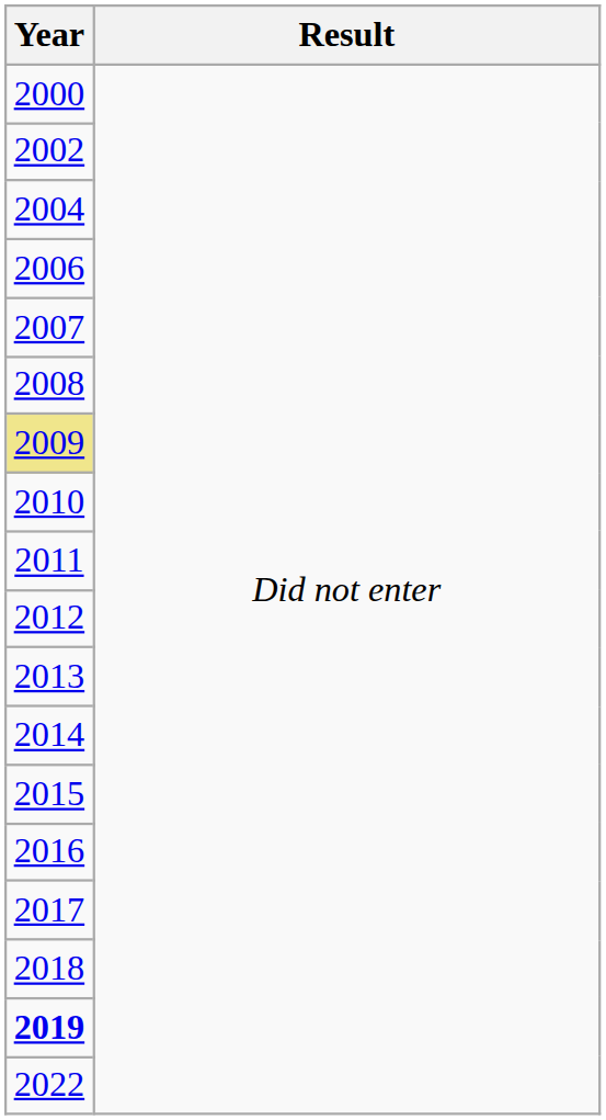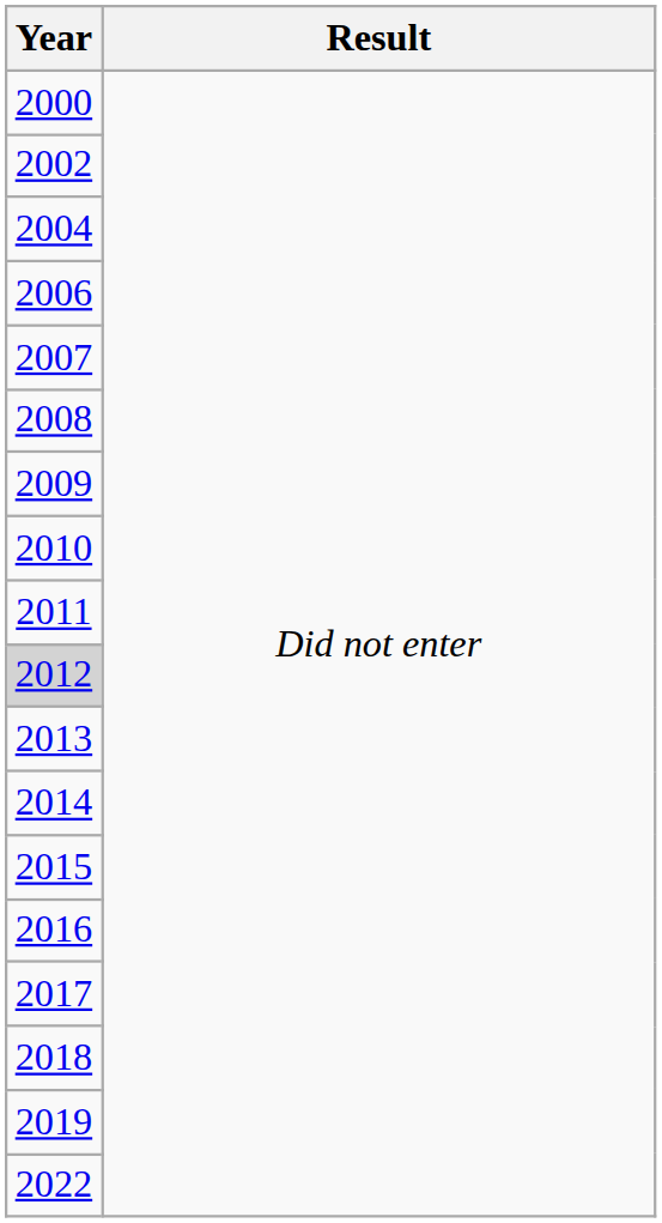 <table class="wikitable" style="text-align: center; font-size:90%">
 <tr>
 <th>Year</th>
 <th style="width:200px">Result</th>
 </tr>
 <tr>
 <td> <a href='#'>2000</a></td>
 <td rowspan="18"><em>Did not enter</em></td>
 </tr>
 <tr>
 <td> <a href='#'>2002</a></td>
 </tr>
 <tr>
 <td> <a href='#'>2004</a></td>
 </tr>
 <tr>
 <td> <a href='#'>2006</a></td>
 </tr>
 <tr>
 <td> <a href='#'>2007</a></td>
 </tr>
 <tr>
 <td> <a href='#'>2008</a></td>
 </tr>
 <tr>
-<td style="background: khaki;"> <a href='#'>2009</a></td>
+<td> <a href='#'>2009</a></td>
 </tr>
 <tr>
 <td> <a href='#'>2010</a></td>
 </tr>
 <tr>
 <td> <a href='#'>2011</a></td>
 </tr>
 <tr>
-<td> <a href='#'>2012</a></td>
+<td style="background: lightgrey;"> <a href='#'>2012</a></td>
 </tr>
 <tr>
 <td> <a href='#'>2013</a></td>
 </tr>
 <tr>
 <td> <a href='#'>2014</a></td>
 </tr>
 <tr>
 <td> <a href='#'>2015</a></td>
 </tr>
 <tr>
 <td> <a href='#'>2016</a></td>
 </tr>
 <tr>
 <td> <a href='#'>2017</a></td>
 </tr>
 <tr>
 <td> <a href='#'>2018</a></td>
 </tr>
 <tr>
-<td><strong> <a href='#'>2019</a></strong></td>
+<td> <a href='#'>2019</a></td>
 </tr>
 <tr>
 <td> <a href='#'>2022</a></td>
 </tr>
 </table>
